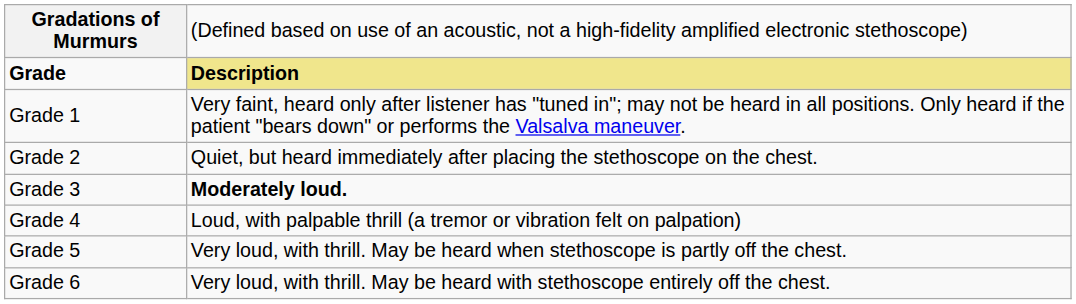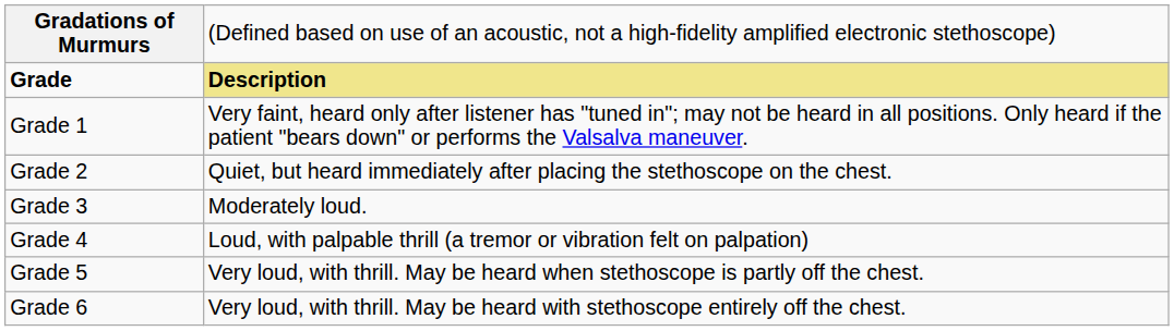 <table class="wikitable">
 <tr>
 <th><strong>Gradations of Murmurs</strong></th>
 <td>(Defined based on use of an acoustic, not a high-fidelity amplified electronic stethoscope)</td>
 </tr>
 <tr>
 <td><strong>Grade</strong></td>
 <td style="background: khaki;"><strong>Description</strong></td>
 </tr>
 <tr>
 <td>Grade 1</td>
 <td>Very faint, heard only after listener has "tuned in"; may not be heard in all positions.  Only heard if the patient "bears down" or performs the <a href='#'>Valsalva maneuver</a>.</td>
 </tr>
 <tr>
 <td>Grade 2</td>
 <td>Quiet, but heard immediately after placing the stethoscope on the chest.</td>
 </tr>
 <tr>
 <td>Grade 3</td>
-<td><strong>Moderately loud.</strong></td>
+<td>Moderately loud.</td>
 </tr>
 <tr>
 <td>Grade 4</td>
 <td>Loud, with palpable thrill (a tremor or vibration felt on palpation)</td>
 </tr>
 <tr>
 <td>Grade 5</td>
 <td>Very loud, with thrill.  May be heard when stethoscope is partly off the chest.</td>
 </tr>
 <tr>
 <td>Grade 6</td>
 <td>Very loud, with thrill.  May be heard with stethoscope entirely off the chest.</td>
 </tr>
 </table>
